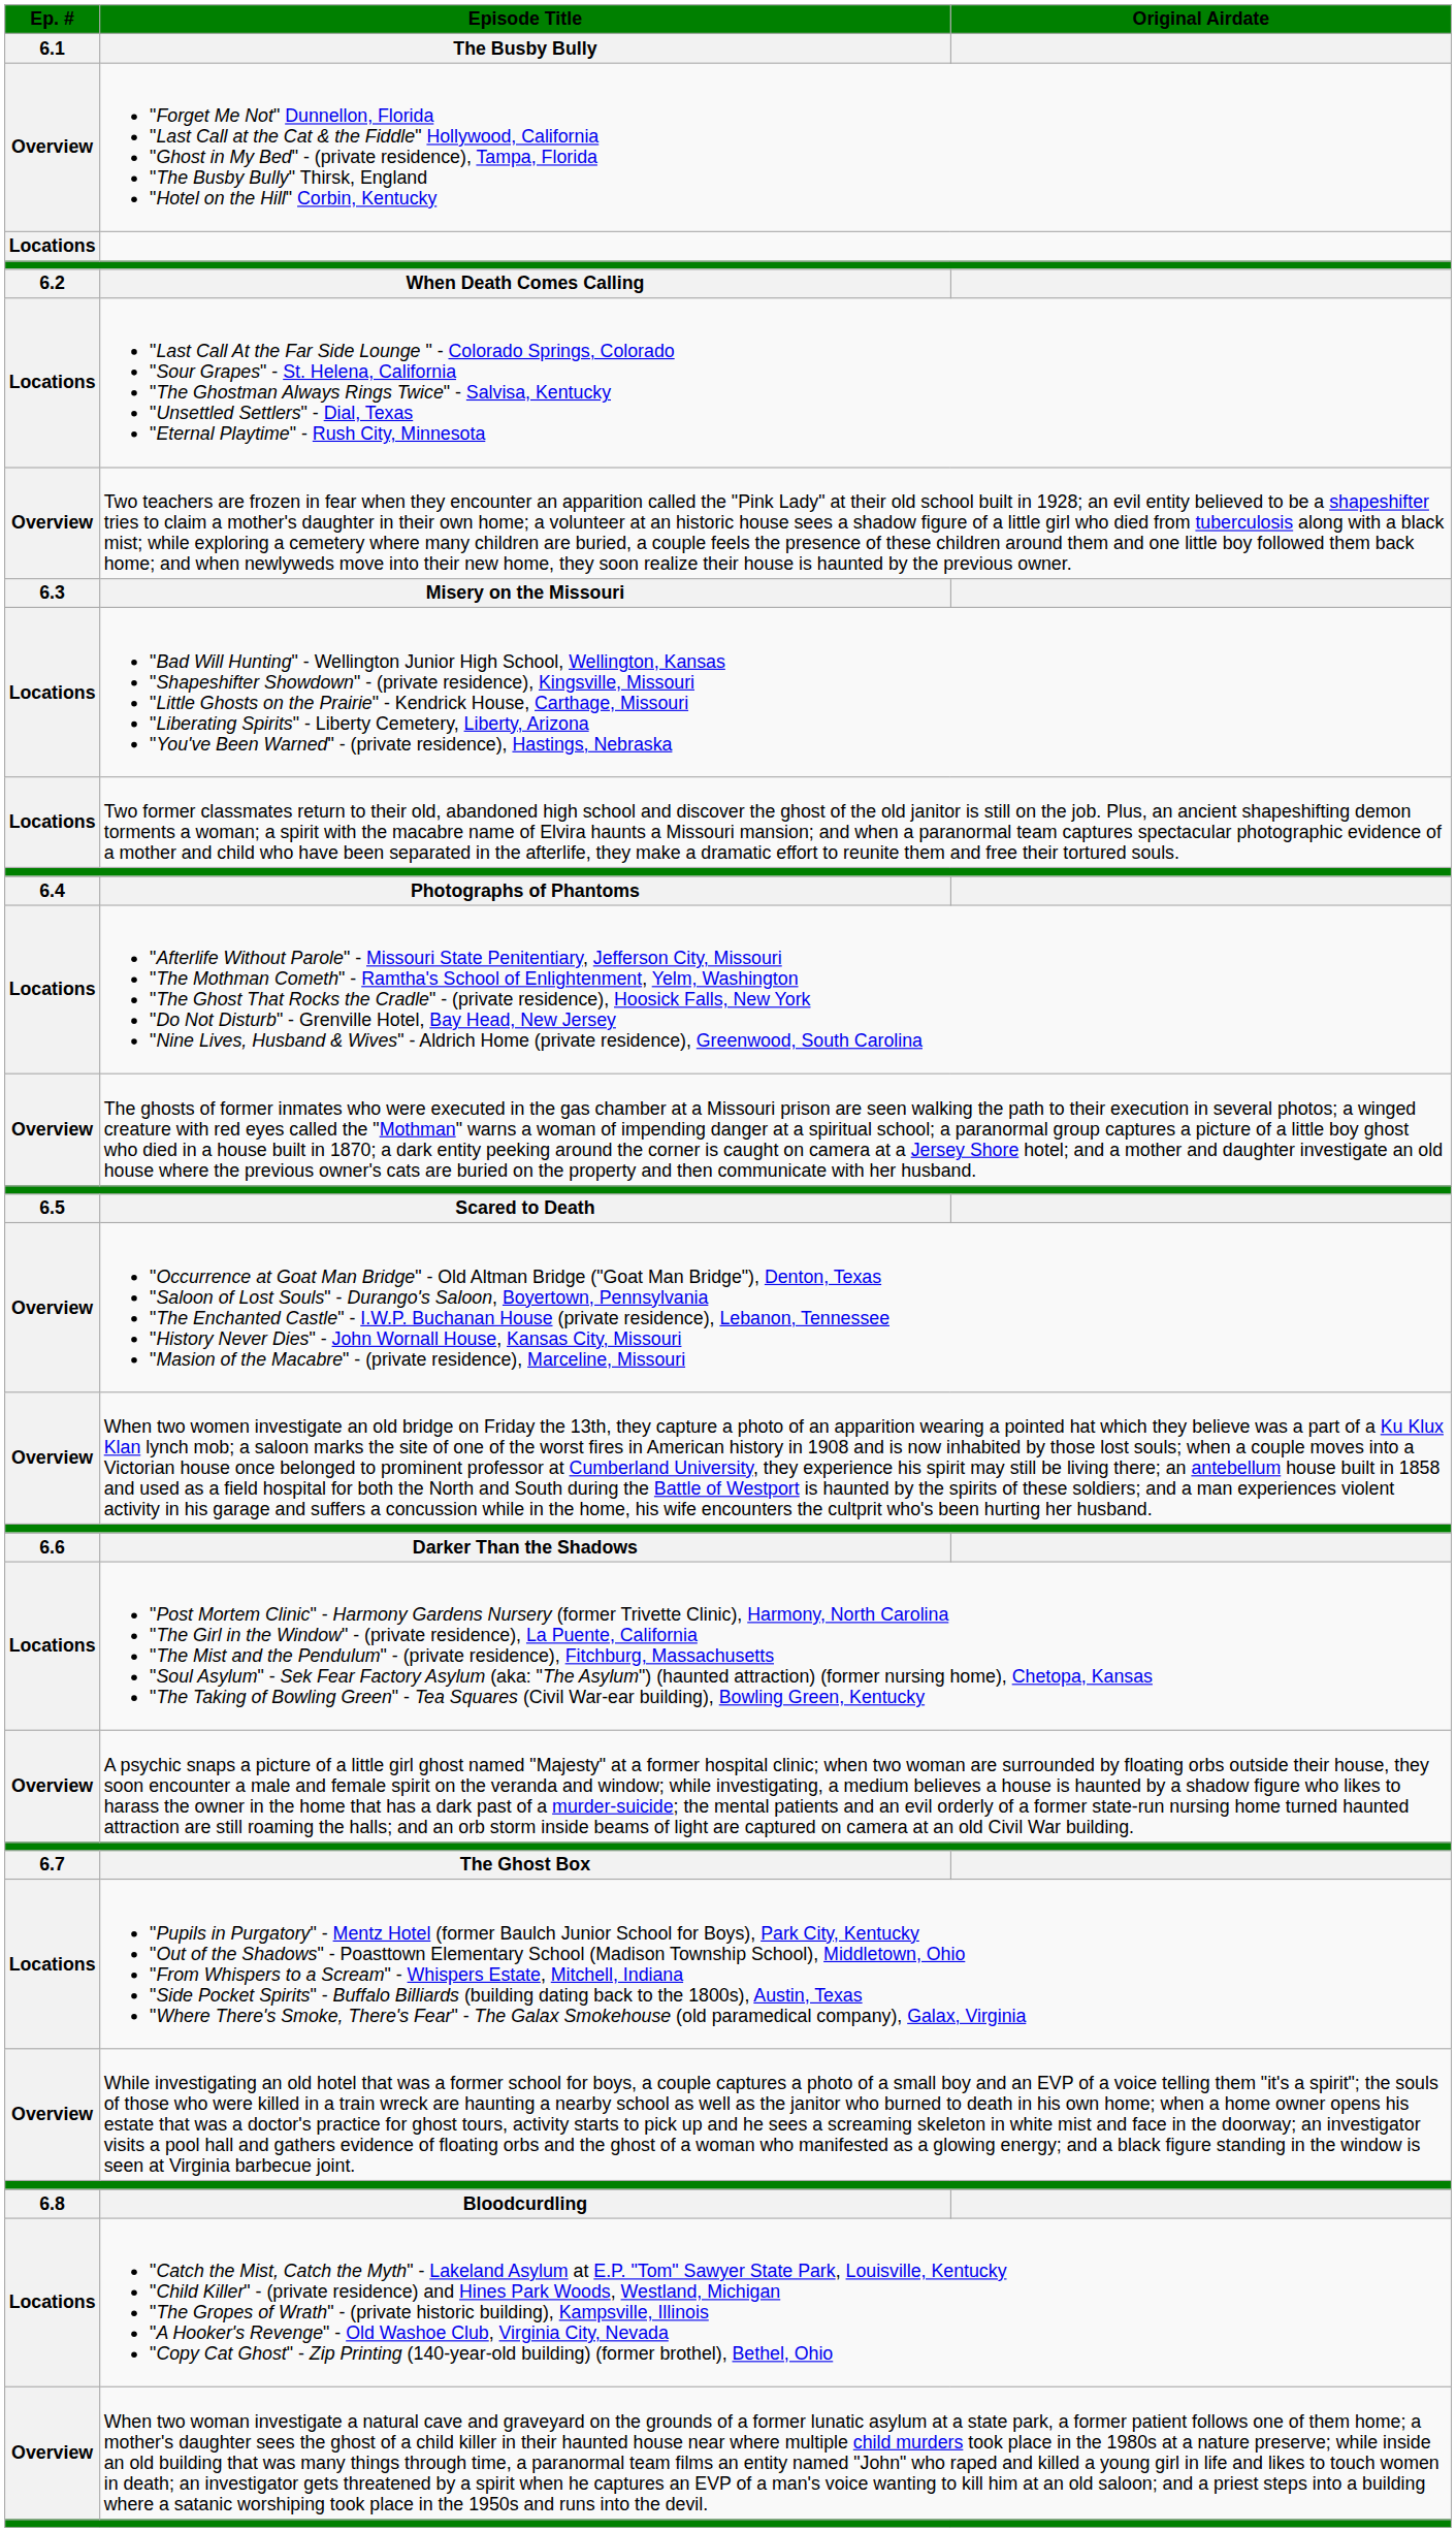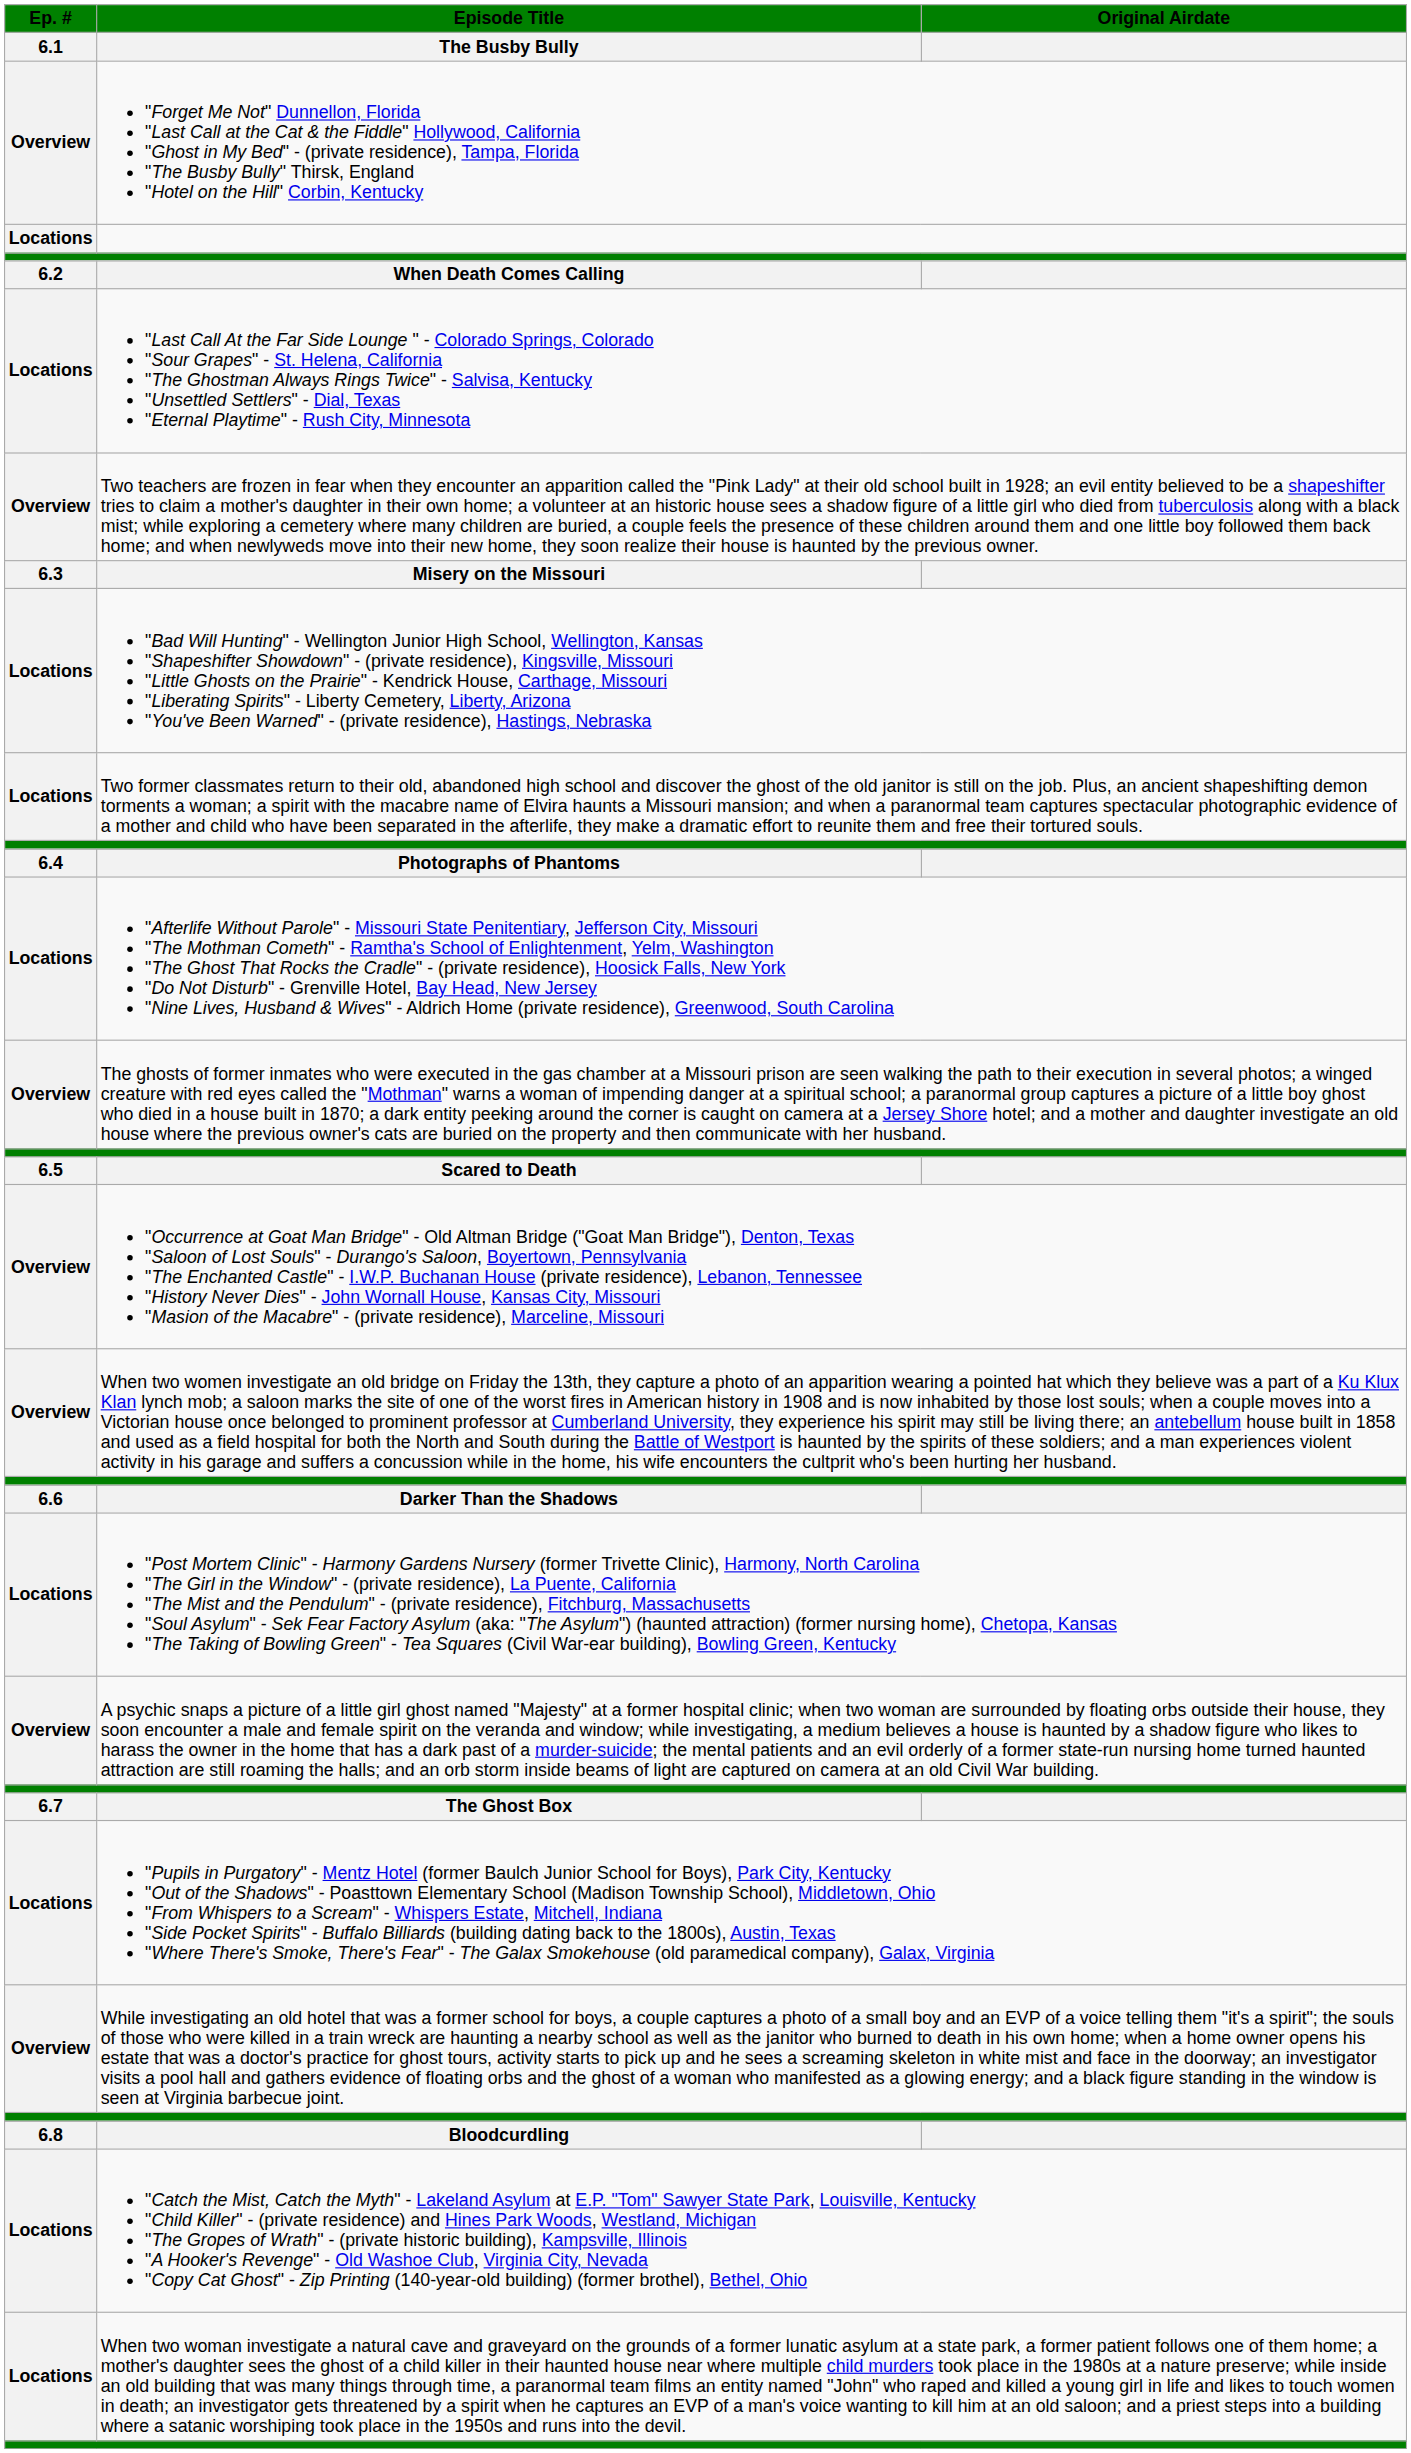 <table class="wikitable" style="width:100%;" style=background:#FFFFFF;">
 <tr>
 <th style="background:green;"><span>Ep. #</span></th>
 <th style="background:green;"><span>Episode Title</span></th>
 <th style="background:green;"><span>Original Airdate</span></th>
 </tr>
 <tr>
 <th>6.1</th>
 <th>The Busby Bully</th>
 <th></th>
 </tr>
 <tr>
 <th>Overview</th>
 <td colspan="3"><br><ul><li>"<em>Forget Me Not</em>"  <a href='#'>Dunnellon, Florida</a></li><li>"<em>Last Call at the Cat & the Fiddle</em>" <a href='#'>Hollywood, California</a></li><li>"<em>Ghost in My Bed</em>" - (private residence), <a href='#'>Tampa, Florida</a></li><li>"<em>The Busby Bully</em>" Thirsk, England</li><li>"<em>Hotel on the Hill</em>" <a href='#'>Corbin, Kentucky</a></li></ul></td>
 </tr>
 <tr>
 <th>Locations</th>
 <td colspan="3"></td>
 </tr>
 <tr>
 <td colspan="3" style="background:green;"></td>
 </tr>
 <tr>
 <th>6.2</th>
 <th>When Death Comes Calling</th>
 <th></th>
 </tr>
 <tr>
 <th>Locations</th>
 <td colspan="3"><br><ul><li>"<em>Last Call At the Far Side Lounge </em>" - <a href='#'>Colorado Springs, Colorado</a></li><li>"<em>Sour Grapes</em>" - <a href='#'>St. Helena, California</a></li><li>"<em>The Ghostman Always Rings Twice</em>" - <a href='#'>Salvisa, Kentucky</a></li><li>"<em>Unsettled Settlers</em>" - <a href='#'>Dial, Texas</a></li><li>"<em>Eternal Playtime</em>" - <a href='#'>Rush City, Minnesota</a></li></ul></td>
 </tr>
 <tr>
 <th>Overview</th>
 <td colspan="3"><br>Two teachers are frozen in fear when they encounter an apparition called the "Pink Lady" at their old school built in 1928; an evil entity believed to be a <a href='#'>shapeshifter</a> tries to claim a mother's daughter in their own home; a volunteer at an historic house sees a shadow figure of a little girl who died from <a href='#'>tuberculosis</a> along with a black mist; while exploring a cemetery where many children are buried, a couple feels the presence of these children around them and one little boy followed them back home; and when newlyweds move into their new home, they soon realize their house is haunted by the previous owner.</td>
 </tr>
 <tr>
 <th>6.3</th>
 <th>Misery on the Missouri</th>
 <th></th>
 </tr>
 <tr>
 <th>Locations</th>
 <td colspan="3"><br><ul><li>"<em>Bad Will Hunting</em>" - Wellington Junior High School, <a href='#'>Wellington, Kansas</a></li><li>"<em>Shapeshifter Showdown</em>" - (private residence), <a href='#'>Kingsville, Missouri</a></li><li>"<em>Little Ghosts on the Prairie</em>" - Kendrick House, <a href='#'>Carthage, Missouri</a></li><li>"<em>Liberating Spirits</em>" - Liberty Cemetery, <a href='#'>Liberty, Arizona</a></li><li>"<em>You've Been Warned</em>" - (private residence), <a href='#'>Hastings, Nebraska</a></li></ul></td>
 </tr>
 <tr>
 <th>Locations</th>
 <td colspan="3"><br>Two former classmates return to their old, abandoned high school and discover the ghost of the old janitor is still on the job. Plus, an ancient shapeshifting demon torments a woman; a spirit with the macabre name of Elvira haunts a Missouri mansion; and when a paranormal team captures spectacular photographic evidence of a mother and child who have been separated in the afterlife, they make a dramatic effort to reunite them and free their tortured souls.</td>
 </tr>
 <tr>
 <td colspan="3" style="background:green;"></td>
 </tr>
 <tr>
 <th>6.4</th>
 <th>Photographs of Phantoms</th>
 <th></th>
 </tr>
 <tr>
 <th>Locations</th>
 <td colspan="3"><br><ul><li>"<em>Afterlife Without Parole</em>" - <a href='#'>Missouri State Penitentiary</a>, <a href='#'>Jefferson City, Missouri</a></li><li>"<em>The Mothman Cometh</em>" - <a href='#'>Ramtha's School of Enlightenment</a>, <a href='#'>Yelm, Washington</a></li><li>"<em>The Ghost That Rocks the Cradle</em>" - (private residence), <a href='#'>Hoosick Falls, New York</a></li><li>"<em>Do Not Disturb</em>" - Grenville Hotel, <a href='#'>Bay Head, New Jersey</a></li><li>"<em>Nine Lives, Husband & Wives</em>" - Aldrich Home (private residence), <a href='#'>Greenwood, South Carolina</a></li></ul></td>
 </tr>
 <tr>
 <th>Overview</th>
 <td colspan="3"><br>The ghosts of former inmates who were executed in the gas chamber at a Missouri prison are seen walking the path to their execution in several photos; a winged creature with red eyes called the "<a href='#'>Mothman</a>" warns a woman of impending danger at a spiritual school; a paranormal group captures a picture of a little boy ghost who died in a house built in 1870; a dark entity peeking around the corner is caught on camera at a <a href='#'>Jersey Shore</a> hotel; and a mother and daughter investigate an old house where the previous owner's cats are buried on the property and then communicate with her husband.</td>
 </tr>
 <tr>
 <td colspan="3" style="background:green;"></td>
 </tr>
 <tr>
 <th>6.5</th>
 <th>Scared to Death</th>
 <th></th>
 </tr>
 <tr>
 <th>Overview</th>
 <td colspan="3"><br><ul><li>"<em>Occurrence at Goat Man Bridge</em>" - Old Altman Bridge ("Goat Man Bridge"), <a href='#'>Denton, Texas</a></li><li>"<em>Saloon of Lost Souls</em>" - <em>Durango's Saloon</em>, <a href='#'>Boyertown, Pennsylvania</a></li><li>"<em>The Enchanted Castle</em>" - <a href='#'>I.W.P. Buchanan House</a> (private residence), <a href='#'>Lebanon, Tennessee</a></li><li>"<em>History Never Dies</em>" - <a href='#'>John Wornall House</a>, <a href='#'>Kansas City, Missouri</a></li><li>"<em>Masion of the Macabre</em>" - (private residence), <a href='#'>Marceline, Missouri</a></li></ul></td>
 </tr>
 <tr>
 <th>Overview</th>
 <td colspan="3"><br>When two women investigate an old bridge on Friday the 13th, they capture a photo of an apparition wearing a pointed hat which they believe was a part of a <a href='#'>Ku Klux Klan</a> lynch mob; a saloon marks the site of one of the worst fires in American history in 1908 and is now inhabited by those lost souls; when a couple moves into a Victorian house once belonged to prominent professor at <a href='#'>Cumberland University</a>, they experience his spirit may still be living there; an <a href='#'>antebellum</a> house built in 1858 and used as a field hospital for both the North and South during the <a href='#'>Battle of Westport</a> is haunted by the spirits of these soldiers; and a man experiences violent activity in his garage and suffers a concussion while in the home, his wife encounters the cultprit who's been hurting her husband.</td>
 </tr>
 <tr>
 <td colspan="3" style="background:green;"></td>
 </tr>
 <tr>
 <th>6.6</th>
 <th>Darker Than the Shadows</th>
 <th></th>
 </tr>
 <tr>
 <th>Locations</th>
 <td colspan="3"><br><ul><li>"<em>Post Mortem Clinic</em>" - <em>Harmony Gardens Nursery</em> (former Trivette Clinic), <a href='#'>Harmony, North Carolina</a></li><li>"<em>The Girl in the Window</em>" - (private residence), <a href='#'>La Puente, California</a></li><li>"<em>The Mist and the Pendulum</em>" - (private residence), <a href='#'>Fitchburg, Massachusetts</a></li><li>"<em>Soul Asylum</em>" - <em>Sek Fear Factory Asylum</em> (aka: "<em>The Asylum</em>") (haunted attraction) (former nursing home), <a href='#'>Chetopa, Kansas</a></li><li>"<em>The Taking of Bowling Green</em>" - <em>Tea Squares</em> (Civil War-ear building), <a href='#'>Bowling Green, Kentucky</a></li></ul></td>
 </tr>
 <tr>
 <th>Overview</th>
 <td colspan="3"><br>A psychic snaps a picture of a little girl ghost named "Majesty" at a former hospital clinic; when two woman are  surrounded by floating orbs outside their house, they soon encounter a male and female spirit on the veranda and window; while investigating, a medium believes a house is haunted by a shadow figure who likes to harass the owner in the home that has a dark past of a <a href='#'>murder-suicide</a>; the mental patients and an evil orderly of a former state-run nursing home turned haunted attraction are still roaming the halls; and an orb storm inside beams of light are captured on camera at an old Civil War building.</td>
 </tr>
 <tr>
 <td colspan="3" style="background:green;"></td>
 </tr>
 <tr>
 <th>6.7</th>
 <th>The Ghost Box</th>
 <th></th>
 </tr>
 <tr>
 <th>Locations</th>
 <td colspan="3"><br><ul><li>"<em>Pupils in Purgatory</em>" - <a href='#'>Mentz Hotel</a> (former Baulch Junior School for Boys), <a href='#'>Park City, Kentucky</a></li><li>"<em>Out of the Shadows</em>" - Poasttown Elementary School (Madison Township School), <a href='#'>Middletown, Ohio</a></li><li>"<em>From Whispers to a Scream</em>" - <a href='#'>Whispers Estate</a>, <a href='#'>Mitchell, Indiana</a></li><li>"<em>Side Pocket Spirits</em>" - <em>Buffalo Billiards</em> (building dating back to the 1800s), <a href='#'>Austin, Texas</a></li><li>"<em>Where There's Smoke, There's Fear</em>" - <em>The Galax Smokehouse</em> (old paramedical company), <a href='#'>Galax, Virginia</a></li></ul></td>
 </tr>
 <tr>
 <th>Overview</th>
 <td colspan="3"><br>While investigating an old hotel that was a former school for boys, a couple captures a photo of a small boy and an EVP of a voice telling them "it's a spirit"; the souls of those who were killed in a train wreck are haunting a nearby school as well as the janitor who burned to death in his own home; when a home owner opens his estate that was a doctor's practice for ghost tours, activity starts to pick up and he sees a screaming skeleton in white mist and face in the doorway; an investigator visits a pool hall and gathers evidence of floating orbs and the ghost of a woman who manifested as a glowing energy; and a black figure standing in the window is seen at Virginia barbecue joint.</td>
 </tr>
 <tr>
 <td colspan="3" style="background:green;"></td>
 </tr>
 <tr>
 <th>6.8</th>
 <th>Bloodcurdling</th>
 <th></th>
 </tr>
 <tr>
 <th>Locations</th>
 <td colspan="3"><br><ul><li>"<em>Catch the Mist, Catch the Myth</em>" - <a href='#'>Lakeland Asylum</a> at <a href='#'>E.P. "Tom" Sawyer State Park</a>, <a href='#'>Louisville, Kentucky</a></li><li>"<em>Child Killer</em>" - (private residence) and <a href='#'>Hines Park Woods</a>, <a href='#'>Westland, Michigan</a></li><li>"<em>The Gropes of Wrath</em>" - (private historic building), <a href='#'>Kampsville, Illinois</a></li><li>"<em>A Hooker's Revenge</em>" - <a href='#'>Old Washoe Club</a>, <a href='#'>Virginia City, Nevada</a></li><li>"<em>Copy Cat Ghost</em>" - <em>Zip Printing</em> (140-year-old building) (former brothel), <a href='#'>Bethel, Ohio</a></li></ul></td>
 </tr>
 <tr>
-<th>Overview</th>
+<th>Locations</th>
 <td colspan="3"><br>When two woman investigate a natural cave and graveyard on the grounds of a former lunatic asylum at a state park, a former patient follows one of them home; a mother's daughter sees the ghost of a child killer in their haunted house near where multiple <a href='#'>child murders</a> took place in the 1980s at a nature preserve; while inside an old building that was many things through time, a paranormal team films an entity named "John" who raped and killed a young girl in life and likes to touch women in death; an investigator gets threatened by a spirit when he captures an EVP of a man's voice wanting to kill him at an old saloon; and a priest steps into a building where a satanic worshiping took place in the 1950s and runs into the devil.</td>
 </tr>
 <tr>
 <td colspan="3" style="background:green;"></td>
 </tr>
 </table>
